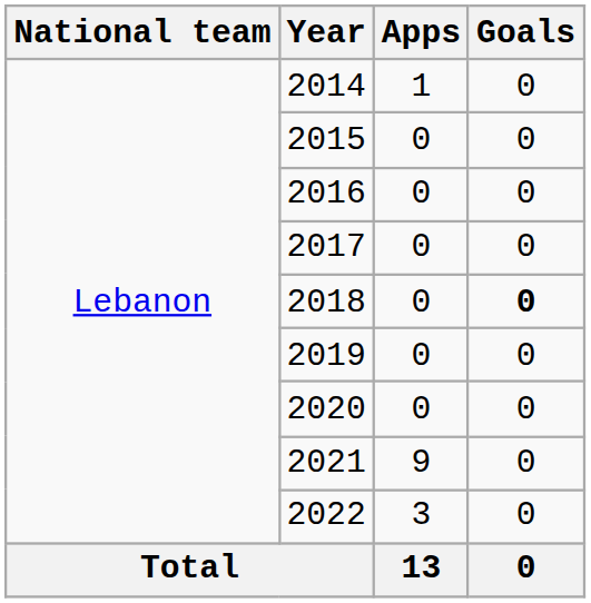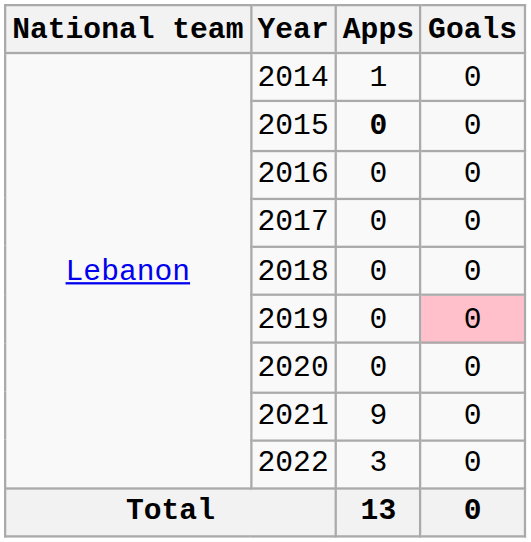 <table class="wikitable" style="text-align:center">
 <tr>
 <th>National team</th>
 <th>Year</th>
 <th>Apps</th>
 <th>Goals</th>
 </tr>
 <tr>
 <td rowspan="9"><a href='#'>Lebanon</a></td>
 <td>2014</td>
 <td>1</td>
 <td>0</td>
 </tr>
 <tr>
 <td>2015</td>
-<td>0</td>
+<td><strong>0</strong></td>
 <td>0</td>
 </tr>
 <tr>
 <td>2016</td>
 <td>0</td>
 <td>0</td>
 </tr>
 <tr>
 <td>2017</td>
 <td>0</td>
 <td>0</td>
 </tr>
 <tr>
 <td>2018</td>
 <td>0</td>
-<td><strong>0</strong></td>
+<td>0</td>
 </tr>
 <tr>
 <td>2019</td>
 <td>0</td>
-<td>0</td>
+<td style="background: pink;">0</td>
 </tr>
 <tr>
 <td>2020</td>
 <td>0</td>
 <td>0</td>
 </tr>
 <tr>
 <td>2021</td>
 <td>9</td>
 <td>0</td>
 </tr>
 <tr>
 <td>2022</td>
 <td>3</td>
 <td>0</td>
 </tr>
 <tr>
 <th colspan="2">Total</th>
 <th>13</th>
 <th>0</th>
 </tr>
 </table>
